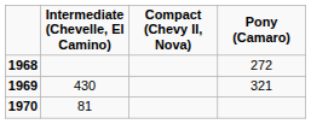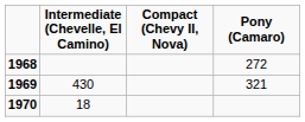 <table class="wikitable" style="text-align: center">
 <tr>
 <td></td>
 <td scope="col" style="width: 100px;"><strong>Intermediate (Chevelle, El Camino)</strong></td>
 <td scope="col" style="width: 100px;"><strong>Compact (Chevy II, Nova)</strong></td>
 <td scope="col" style="width: 100px;"><strong>Pony (Camaro)</strong></td>
 </tr>
 <tr>
 <td><strong>1968</strong></td>
 <td></td>
 <td></td>
 <td>272</td>
 </tr>
 <tr>
 <td><strong>1969</strong></td>
 <td>430</td>
 <td></td>
 <td>321</td>
 </tr>
 <tr>
 <td><strong>1970</strong></td>
-<td>81</td>
+<td>18</td>
 <td></td>
 <td></td>
 </tr>
 </table>
